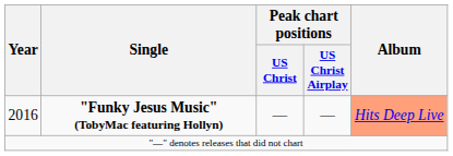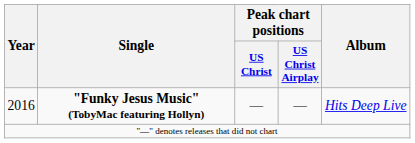 <table class="wikitable plainrowheaders" style="text-align:center;">
 <tr>
 <th rowspan="2">Year</th>
 <th rowspan="2" style="width:14em;">Single</th>
 <th colspan="2">Peak chart positions</th>
 <th rowspan="2">Album</th>
 </tr>
 <tr style="font-size:smaller;">
 <th width="45"><a href='#'>US<br>Christ</a><br></th>
 <th width="45"><a href='#'>US<br>Christ<br>Airplay</a><br></th>
 </tr>
 <tr>
 <td>2016</td>
 <td><strong>"Funky Jesus Music"<br><small>(TobyMac featuring Hollyn)</small></strong></td>
 <td>—</td>
 <td>—</td>
-<td align="left" style="background: lightsalmon;"><em><a href='#'>Hits Deep Live</a></em></td>
+<td align="left"><em><a href='#'>Hits Deep Live</a></em></td>
 </tr>
 <tr>
 <td colspan="8" style="font-size:8pt">"—" denotes releases that did not chart</td>
 </tr>
 </table>
